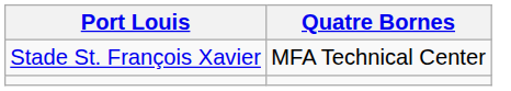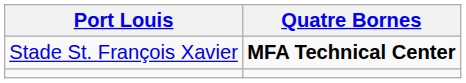 <table class="wikitable">
 <tr>
 <th><a href='#'>Port Louis</a></th>
 <th><a href='#'>Quatre Bornes</a></th>
 </tr>
 <tr>
 <td><a href='#'>Stade St. François Xavier</a></td>
-<td>MFA Technical Center</td>
+<td><strong>MFA Technical Center</strong></td>
 </tr>
 <tr>
 <td></td>
 <td></td>
 </tr>
 </table>
